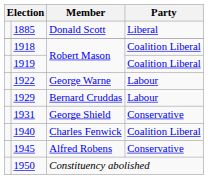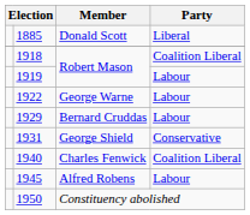 <table class="wikitable">
 <tr>
 <th colspan="2">Election</th>
 <th>Member</th>
 <th>Party</th>
 </tr>
 <tr>
 <td style="color:inherit;background-color: "></td>
 <td><a href='#'>1885</a></td>
 <td><a href='#'>Donald Scott</a></td>
 <td><a href='#'>Liberal</a></td>
 </tr>
 <tr>
 </tr>
 <tr>
 <td style="color:inherit;background-color: "></td>
 <td><a href='#'>1918</a></td>
 <td rowspan="2"><a href='#'>Robert Mason</a></td>
 <td><a href='#'>Coalition Liberal</a></td>
 </tr>
 <tr>
 <td style="color:inherit;background-color: "></td>
 <td><a href='#'>1919</a></td>
-<td><a href='#'>Coalition Liberal</a></td>
+<td><a href='#'>Labour</a></td>
 </tr>
 <tr>
 <td style="color:inherit;background-color: "></td>
 <td><a href='#'>1922</a></td>
 <td><a href='#'>George Warne</a></td>
 <td><a href='#'>Labour</a></td>
 </tr>
 <tr>
 <td style="color:inherit;background-color: "></td>
 <td><a href='#'>1929</a></td>
 <td><a href='#'>Bernard Cruddas</a></td>
 <td><a href='#'>Labour</a></td>
 </tr>
 <tr>
 <td style="color:inherit;background-color: "></td>
 <td><a href='#'>1931</a></td>
 <td><a href='#'>George Shield</a></td>
 <td><a href='#'>Conservative</a></td>
 </tr>
 <tr>
 <td style="color:inherit;background-color: "></td>
 <td><a href='#'>1940</a></td>
 <td><a href='#'>Charles Fenwick</a></td>
 <td><a href='#'>Coalition Liberal</a></td>
 </tr>
 <tr>
 <td style="color:inherit;background-color: "></td>
 <td><a href='#'>1945</a></td>
 <td><a href='#'>Alfred Robens</a></td>
-<td><a href='#'>Conservative</a></td>
+<td><a href='#'>Labour</a></td>
 </tr>
 <tr>
 <td></td>
 <td><a href='#'>1950</a></td>
 <td colspan="2"><em>Constituency abolished</em></td>
 </tr>
 </table>
